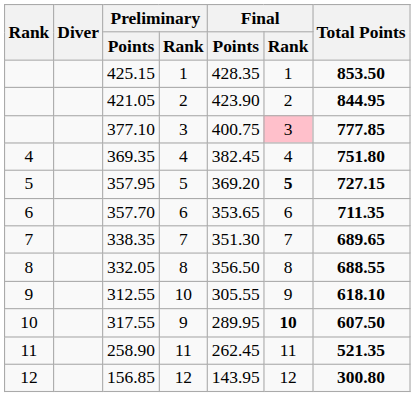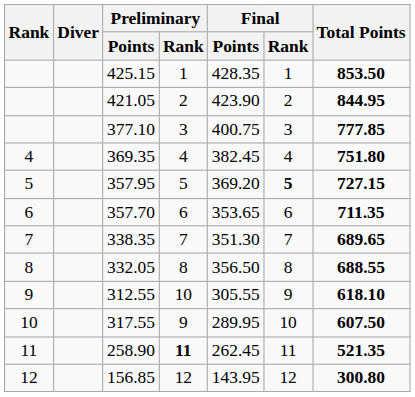 <table class="wikitable sortable" style="text-align:center">
 <tr>
 <th rowspan=2>Rank</th>
 <th rowspan=2>Diver</th>
 <th colspan=2>Preliminary</th>
 <th colspan=2>Final</th>
 <th rowspan=2>Total Points</th>
 </tr>
 <tr>
 <th>Points</th>
 <th>Rank</th>
 <th>Points</th>
 <th>Rank</th>
 </tr>
 <tr>
 <td></td>
 <td align=left></td>
 <td>425.15</td>
 <td>1</td>
 <td>428.35</td>
 <td>1</td>
 <td><strong>853.50</strong></td>
 </tr>
 <tr>
 <td></td>
 <td align=left></td>
 <td>421.05</td>
 <td>2</td>
 <td>423.90</td>
 <td>2</td>
 <td><strong>844.95</strong></td>
 </tr>
 <tr>
 <td></td>
 <td align=left></td>
 <td>377.10</td>
 <td>3</td>
 <td>400.75</td>
-<td style="background: pink;">3</td>
+<td>3</td>
 <td><strong>777.85</strong></td>
 </tr>
 <tr>
 <td>4</td>
 <td align=left></td>
 <td>369.35</td>
 <td>4</td>
 <td>382.45</td>
 <td>4</td>
 <td><strong>751.80</strong></td>
 </tr>
 <tr>
 <td>5</td>
 <td align=left></td>
 <td>357.95</td>
 <td>5</td>
 <td>369.20</td>
 <td><strong>5</strong></td>
 <td><strong>727.15</strong></td>
 </tr>
 <tr>
 <td>6</td>
 <td align=left></td>
 <td>357.70</td>
 <td>6</td>
 <td>353.65</td>
 <td>6</td>
 <td><strong>711.35</strong></td>
 </tr>
 <tr>
 <td>7</td>
 <td align=left></td>
 <td>338.35</td>
 <td>7</td>
 <td>351.30</td>
 <td>7</td>
 <td><strong>689.65</strong></td>
 </tr>
 <tr>
 <td>8</td>
 <td align=left></td>
 <td>332.05</td>
 <td>8</td>
 <td>356.50</td>
 <td>8</td>
 <td><strong>688.55</strong></td>
 </tr>
 <tr>
 <td>9</td>
 <td align=left></td>
 <td>312.55</td>
 <td>10</td>
 <td>305.55</td>
 <td>9</td>
 <td><strong>618.10</strong></td>
 </tr>
 <tr>
 <td>10</td>
 <td align=left></td>
 <td>317.55</td>
 <td>9</td>
 <td>289.95</td>
-<td><strong>10</strong></td>
+<td>10</td>
 <td><strong>607.50</strong></td>
 </tr>
 <tr>
 <td>11</td>
 <td align=left></td>
 <td>258.90</td>
-<td>11</td>
+<td><strong>11</strong></td>
 <td>262.45</td>
 <td>11</td>
 <td><strong>521.35</strong></td>
 </tr>
 <tr>
 <td>12</td>
 <td align=left></td>
 <td>156.85</td>
 <td>12</td>
 <td>143.95</td>
 <td>12</td>
 <td><strong>300.80</strong></td>
 </tr>
 </table>
